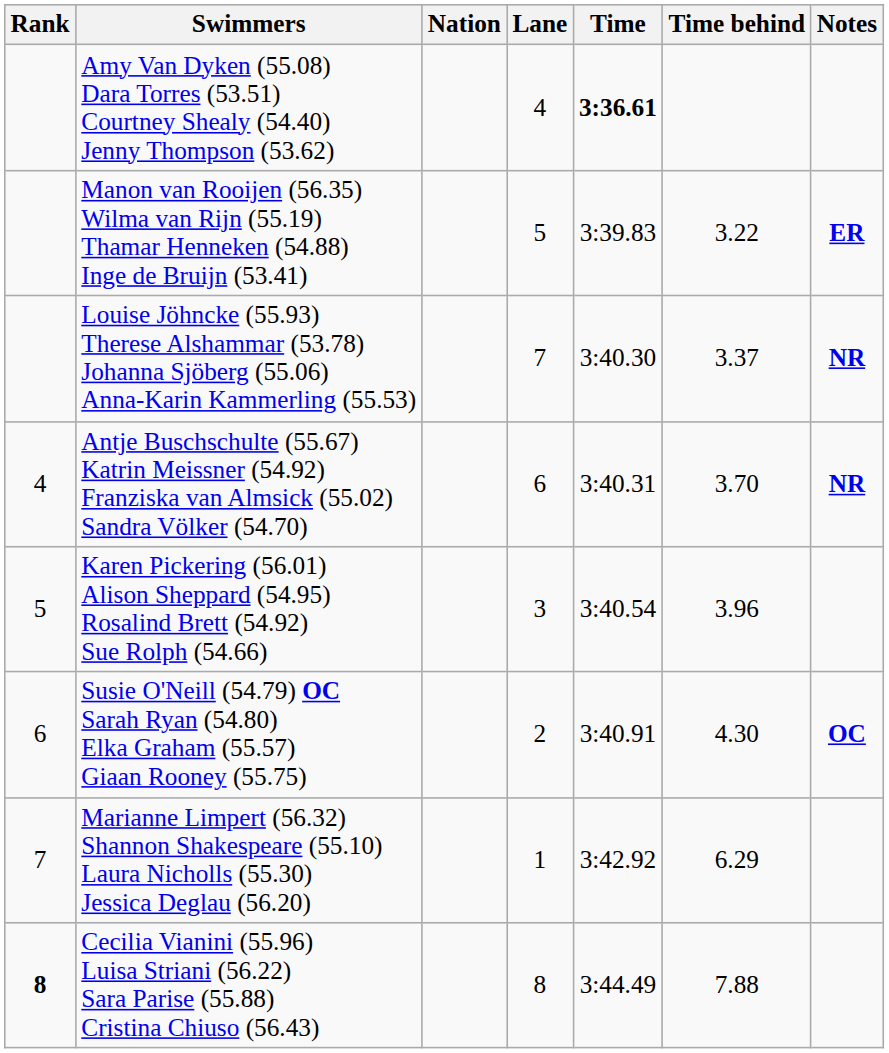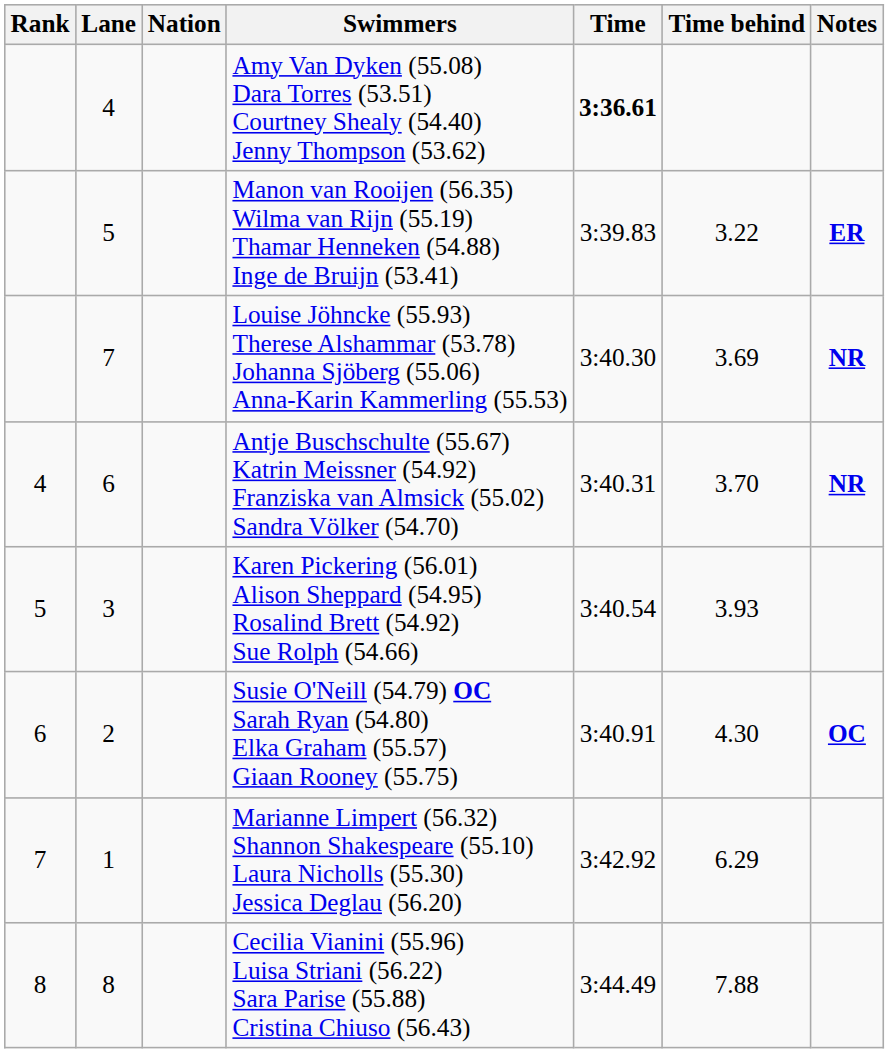 <table class="wikitable sortable" style="text-align:center">
 <tr>
 <th>Rank</th>
+<th>Lane</th>
+<th>Nation</th>
 <th>Swimmers</th>
-<th>Nation</th>
-<th>Lane</th>
 <th>Time</th>
 <th>Time behind</th>
 <th>Notes</th>
 </tr>
 <tr>
 <td></td>
+<td>4</td>
+<td align=left></td>
 <td align=left><a href='#'>Amy Van Dyken</a> (55.08)<br><a href='#'>Dara Torres</a> (53.51)<br><a href='#'>Courtney Shealy</a> (54.40)<br><a href='#'>Jenny Thompson</a> (53.62)</td>
-<td align=left></td>
-<td>4</td>
 <td><strong>3:36.61</strong></td>
 <td></td>
 <td></td>
 </tr>
 <tr>
 <td></td>
+<td>5</td>
+<td align=left></td>
 <td align=left><a href='#'>Manon van Rooijen</a> (56.35)<br><a href='#'>Wilma van Rijn</a> (55.19)<br><a href='#'>Thamar Henneken</a> (54.88)<br><a href='#'>Inge de Bruijn</a> (53.41)</td>
-<td align=left></td>
-<td>5</td>
 <td>3:39.83</td>
 <td>3.22</td>
 <td><strong><a href='#'>ER</a></strong></td>
 </tr>
 <tr>
 <td></td>
+<td>7</td>
+<td align=left></td>
 <td align=left><a href='#'>Louise Jöhncke</a> (55.93)<br><a href='#'>Therese Alshammar</a> (53.78)<br><a href='#'>Johanna Sjöberg</a> (55.06)<br><a href='#'>Anna-Karin Kammerling</a> (55.53)</td>
-<td align=left></td>
-<td>7</td>
 <td>3:40.30</td>
-<td>3.37</td>
+<td>3.69</td>
 <td><strong><a href='#'>NR</a></strong></td>
 </tr>
 <tr>
 <td>4</td>
+<td>6</td>
+<td align=left></td>
 <td align=left><a href='#'>Antje Buschschulte</a> (55.67)<br><a href='#'>Katrin Meissner</a> (54.92)<br><a href='#'>Franziska van Almsick</a> (55.02)<br><a href='#'>Sandra Völker</a> (54.70)</td>
-<td align=left></td>
-<td>6</td>
 <td>3:40.31</td>
 <td>3.70</td>
 <td><strong><a href='#'>NR</a></strong></td>
 </tr>
 <tr>
 <td>5</td>
+<td>3</td>
+<td align=left></td>
 <td align=left><a href='#'>Karen Pickering</a> (56.01)<br><a href='#'>Alison Sheppard</a> (54.95)<br><a href='#'>Rosalind Brett</a> (54.92)<br><a href='#'>Sue Rolph</a> (54.66)</td>
-<td align=left></td>
-<td>3</td>
 <td>3:40.54</td>
-<td>3.96</td>
+<td>3.93</td>
 <td></td>
 </tr>
 <tr>
 <td>6</td>
+<td>2</td>
+<td align=left></td>
 <td align=left><a href='#'>Susie O'Neill</a> (54.79) <strong><a href='#'>OC</a></strong><br><a href='#'>Sarah Ryan</a> (54.80)<br><a href='#'>Elka Graham</a> (55.57)<br><a href='#'>Giaan Rooney</a> (55.75)</td>
-<td align=left></td>
-<td>2</td>
 <td>3:40.91</td>
 <td>4.30</td>
 <td><strong><a href='#'>OC</a></strong></td>
 </tr>
 <tr>
 <td>7</td>
+<td>1</td>
+<td align=left></td>
 <td align=left><a href='#'>Marianne Limpert</a> (56.32)<br><a href='#'>Shannon Shakespeare</a> (55.10)<br><a href='#'>Laura Nicholls</a> (55.30)<br><a href='#'>Jessica Deglau</a> (56.20)</td>
-<td align=left></td>
-<td>1</td>
 <td>3:42.92</td>
 <td>6.29</td>
 <td></td>
 </tr>
 <tr>
-<td><strong>8</strong></td>
+<td>8</td>
+<td>8</td>
+<td align=left></td>
 <td align=left><a href='#'>Cecilia Vianini</a> (55.96)<br><a href='#'>Luisa Striani</a> (56.22)<br><a href='#'>Sara Parise</a> (55.88)<br><a href='#'>Cristina Chiuso</a> (56.43)</td>
-<td align=left></td>
-<td>8</td>
 <td>3:44.49</td>
 <td>7.88</td>
 <td></td>
 </tr>
 </table>
